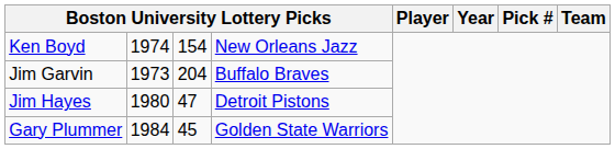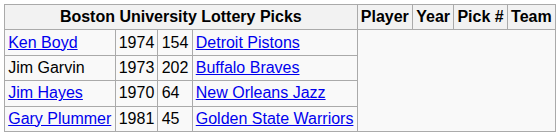 <table class="wikitable sortable">
 <tr>
 <th colspan="4">Boston University Lottery Picks</th>
 <th>Player</th>
 <th>Year</th>
 <th>Pick #</th>
 <th>Team</th>
 </tr>
 <tr>
 <td><a href='#'>Ken Boyd</a></td>
 <td>1974</td>
 <td>154</td>
-<td><a href='#'>New Orleans Jazz</a></td>
+<td><a href='#'>Detroit Pistons</a></td>
 </tr>
 <tr>
 <td>Jim Garvin</td>
 <td>1973</td>
-<td>204</td>
+<td>202</td>
 <td><a href='#'>Buffalo Braves</a></td>
 </tr>
 <tr>
 <td><a href='#'>Jim Hayes</a></td>
-<td>1980</td>
-<td>47</td>
-<td><a href='#'>Detroit Pistons</a></td>
+<td>1970</td>
+<td>64</td>
+<td><a href='#'>New Orleans Jazz</a></td>
 </tr>
 <tr>
 <td><a href='#'>Gary Plummer</a></td>
-<td>1984</td>
+<td>1981</td>
 <td>45</td>
 <td><a href='#'>Golden State Warriors</a></td>
 </tr>
 </table>
